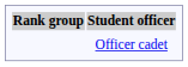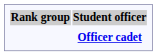 <table style="border:1px solid #8888aa; background-color:#f7f8ff; padding:5px; font-size:95%; margin: 0px 12px 12px 0px; text-align:center;">
 <tr bgcolor="#CCCCCC">
 <th>Rank group</th>
 <th>Student officer</th>
 </tr>
 <tr>
 <td rowspan=2></td>
 <td></td>
 </tr>
 <tr>
-<td><a href='#'>Officer cadet</a></td>
+<td><strong><a href='#'>Officer cadet</a></strong></td>
 </tr>
 </table>
